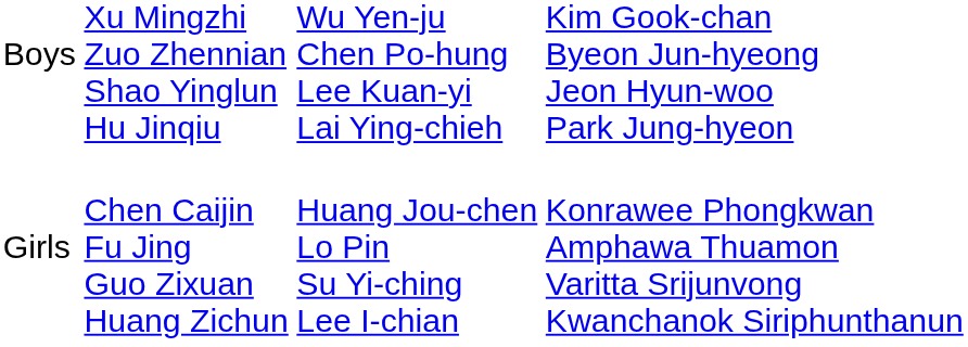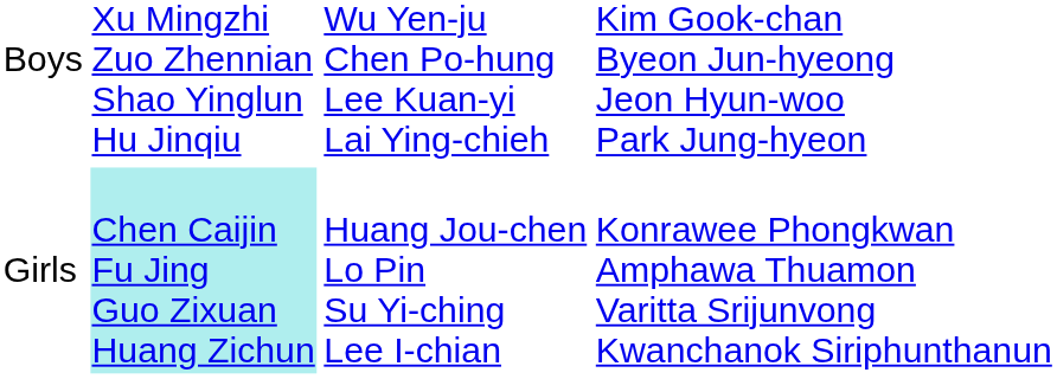 <table>
 <tr>
 <td>Boys</td>
 <td><br><a href='#'>Xu Mingzhi</a><br><a href='#'>Zuo Zhennian</a><br><a href='#'>Shao Yinglun</a><br><a href='#'>Hu Jinqiu</a></td>
 <td><br><a href='#'>Wu Yen-ju</a><br><a href='#'>Chen Po-hung</a><br><a href='#'>Lee Kuan-yi</a><br><a href='#'>Lai Ying-chieh</a></td>
 <td><br><a href='#'>Kim Gook-chan</a><br><a href='#'>Byeon Jun-hyeong</a><br><a href='#'>Jeon Hyun-woo</a><br><a href='#'>Park Jung-hyeon</a></td>
 </tr>
 <tr>
 <td>Girls</td>
-<td><br><a href='#'>Chen Caijin</a><br><a href='#'>Fu Jing</a><br><a href='#'>Guo Zixuan</a><br><a href='#'>Huang Zichun</a></td>
+<td style="background: paleturquoise;"><br><a href='#'>Chen Caijin</a><br><a href='#'>Fu Jing</a><br><a href='#'>Guo Zixuan</a><br><a href='#'>Huang Zichun</a></td>
 <td><br><a href='#'>Huang Jou-chen</a><br><a href='#'>Lo Pin</a><br><a href='#'>Su Yi-ching</a><br><a href='#'>Lee I-chian</a></td>
 <td><br><a href='#'>Konrawee Phongkwan</a><br><a href='#'>Amphawa Thuamon</a><br><a href='#'>Varitta Srijunvong</a><br><a href='#'>Kwanchanok Siriphunthanun</a></td>
 </tr>
 </table>
